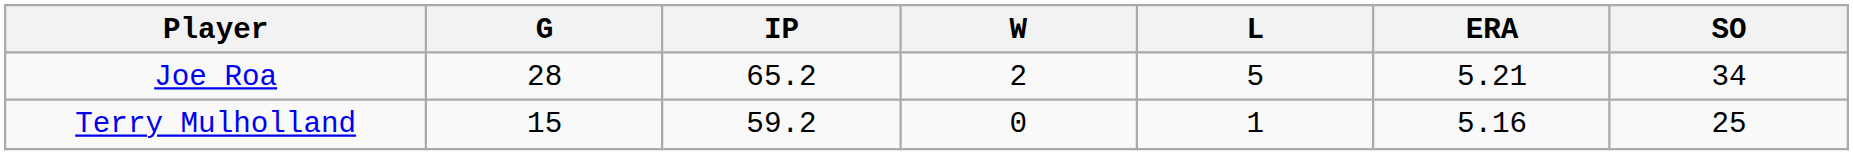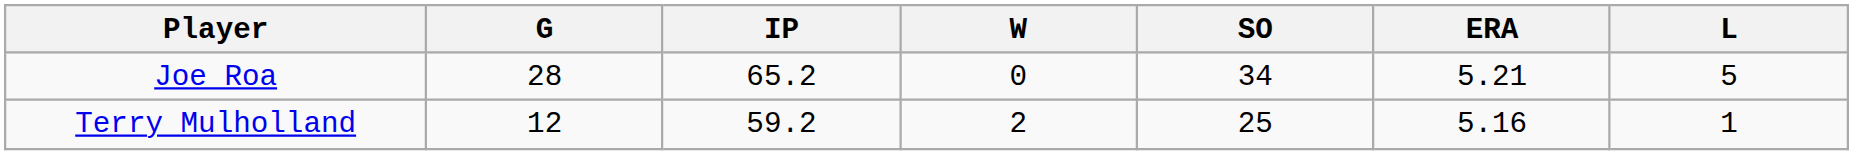 <table class="wikitable sortable">
 <tr>
 <th bgcolor="#DDDDFF" width="16%">Player</th>
 <th bgcolor="#DDDDFF" width="9%">G</th>
 <th bgcolor="#DDDDFF" width="9%">IP</th>
 <th bgcolor="#DDDDFF" width="9%">W</th>
+<th bgcolor="#DDDDFF" width="9%'">SO</th>
+<th bgcolor="#DDDDFF" width="9%">ERA</th>
 <th bgcolor="#DDDDFF" width="9%">L</th>
-<th bgcolor="#DDDDFF" width="9%">ERA</th>
-<th bgcolor="#DDDDFF" width="9%'">SO</th>
 </tr>
 <tr align=center>
 <td><a href='#'>Joe Roa</a></td>
 <td>28</td>
 <td>65.2</td>
-<td>2</td>
+<td>0</td>
+<td>34</td>
+<td>5.21</td>
 <td>5</td>
-<td>5.21</td>
-<td>34</td>
 </tr>
 <tr align=center>
 <td><a href='#'>Terry Mulholland</a></td>
-<td>15</td>
+<td>12</td>
 <td>59.2</td>
-<td>0</td>
+<td>2</td>
+<td>25</td>
+<td>5.16</td>
 <td>1</td>
-<td>5.16</td>
-<td>25</td>
 </tr>
 </table>
